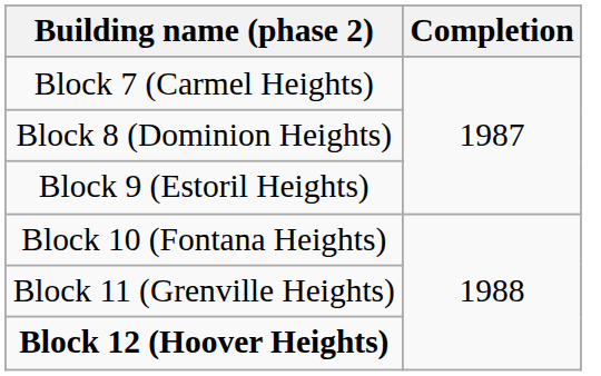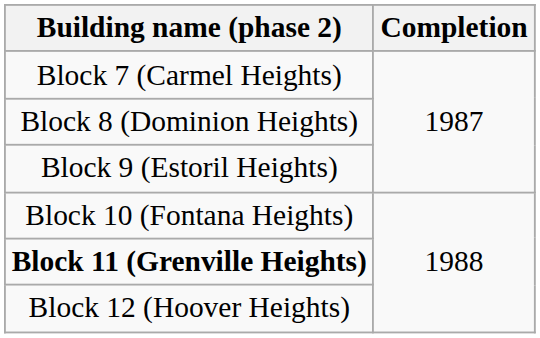 <table class="wikitable" style="text-align: center">
 <tr>
 <th>Building name (phase 2)</th>
 <th>Completion</th>
 </tr>
 <tr>
 <td>Block 7 (Carmel Heights)</td>
 <td rowspan="3">1987</td>
 </tr>
 <tr>
 <td>Block 8 (Dominion Heights)</td>
 </tr>
 <tr>
 <td>Block 9 (Estoril Heights)</td>
 </tr>
 <tr>
 <td>Block 10 (Fontana Heights)</td>
 <td rowspan="3">1988</td>
 </tr>
 <tr>
-<td>Block 11 (Grenville Heights)</td>
+<td><strong>Block 11 (Grenville Heights)</strong></td>
 </tr>
 <tr>
-<td><strong>Block 12 (Hoover Heights)</strong></td>
+<td>Block 12 (Hoover Heights)</td>
 </tr>
 </table>
